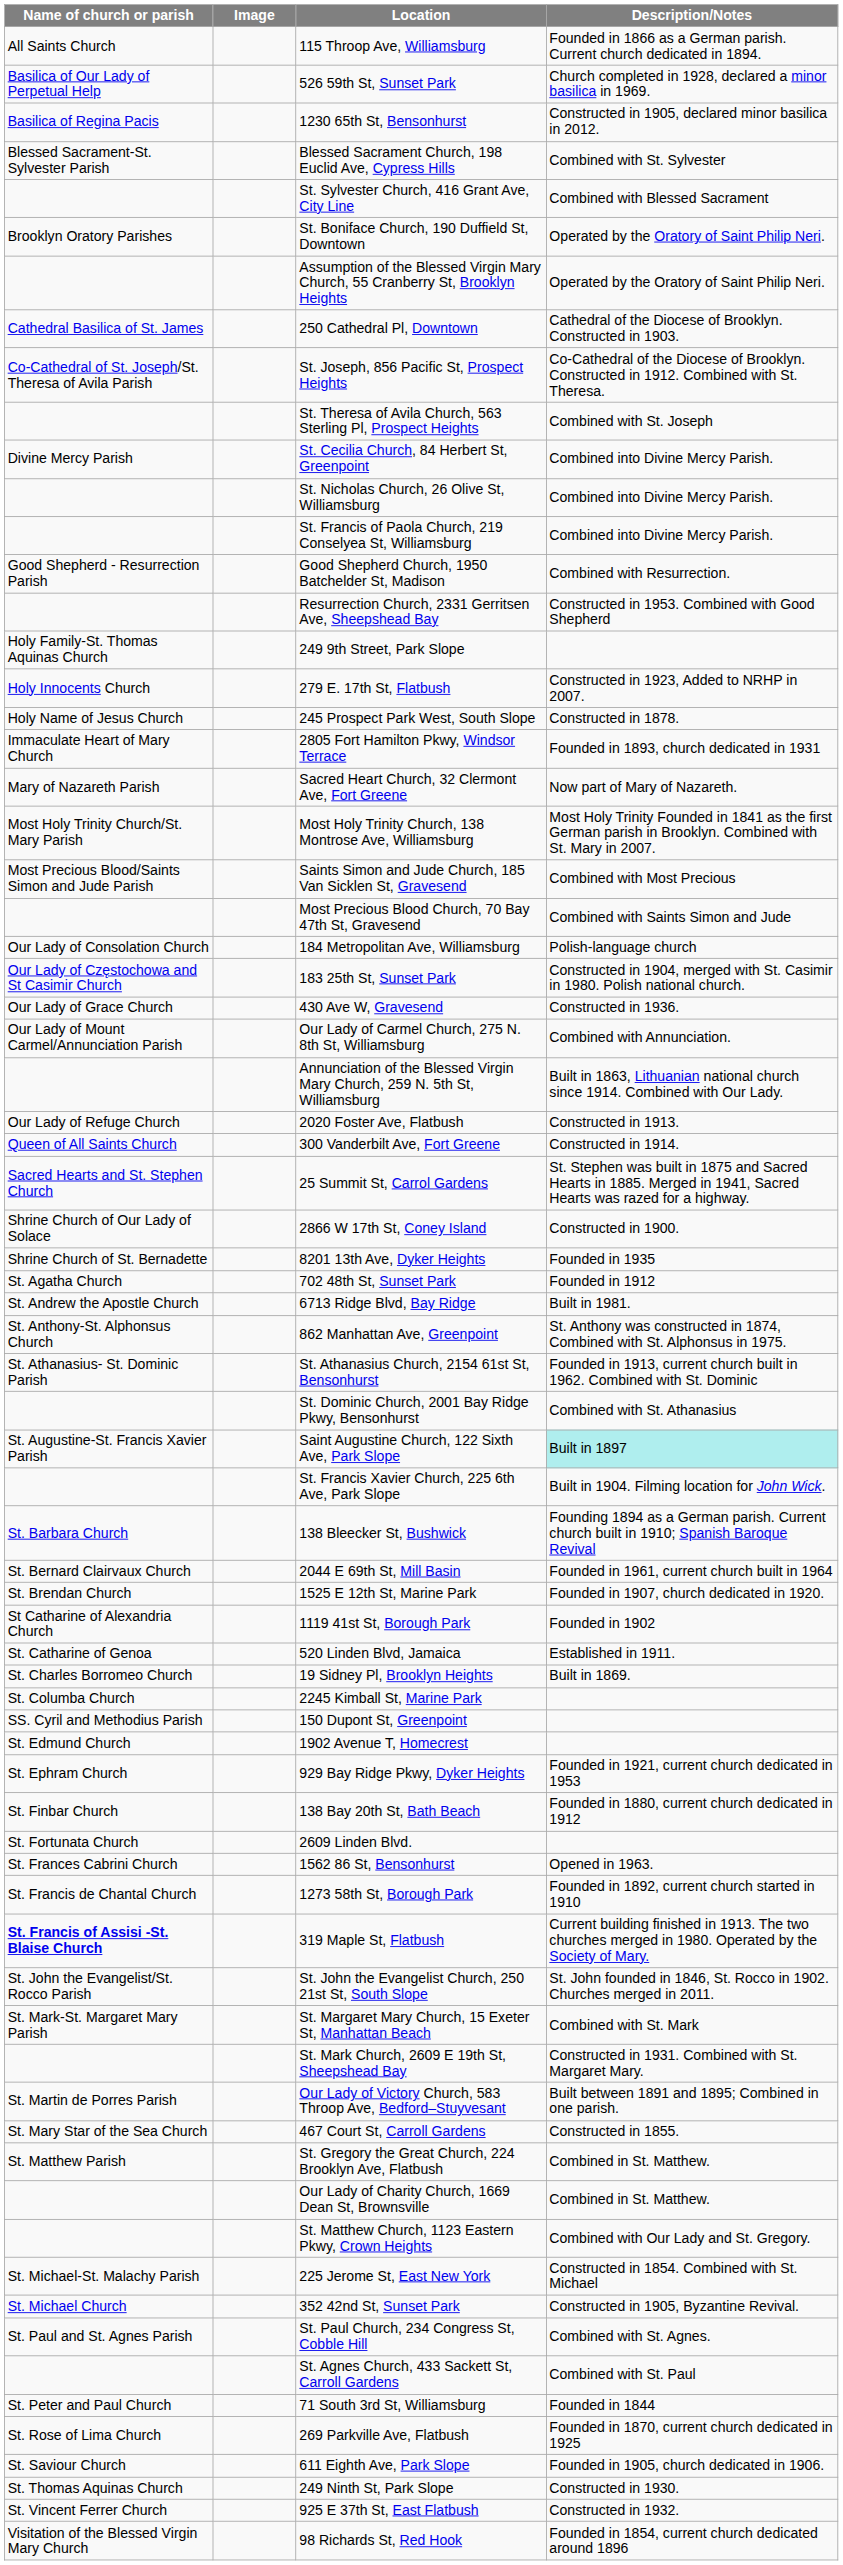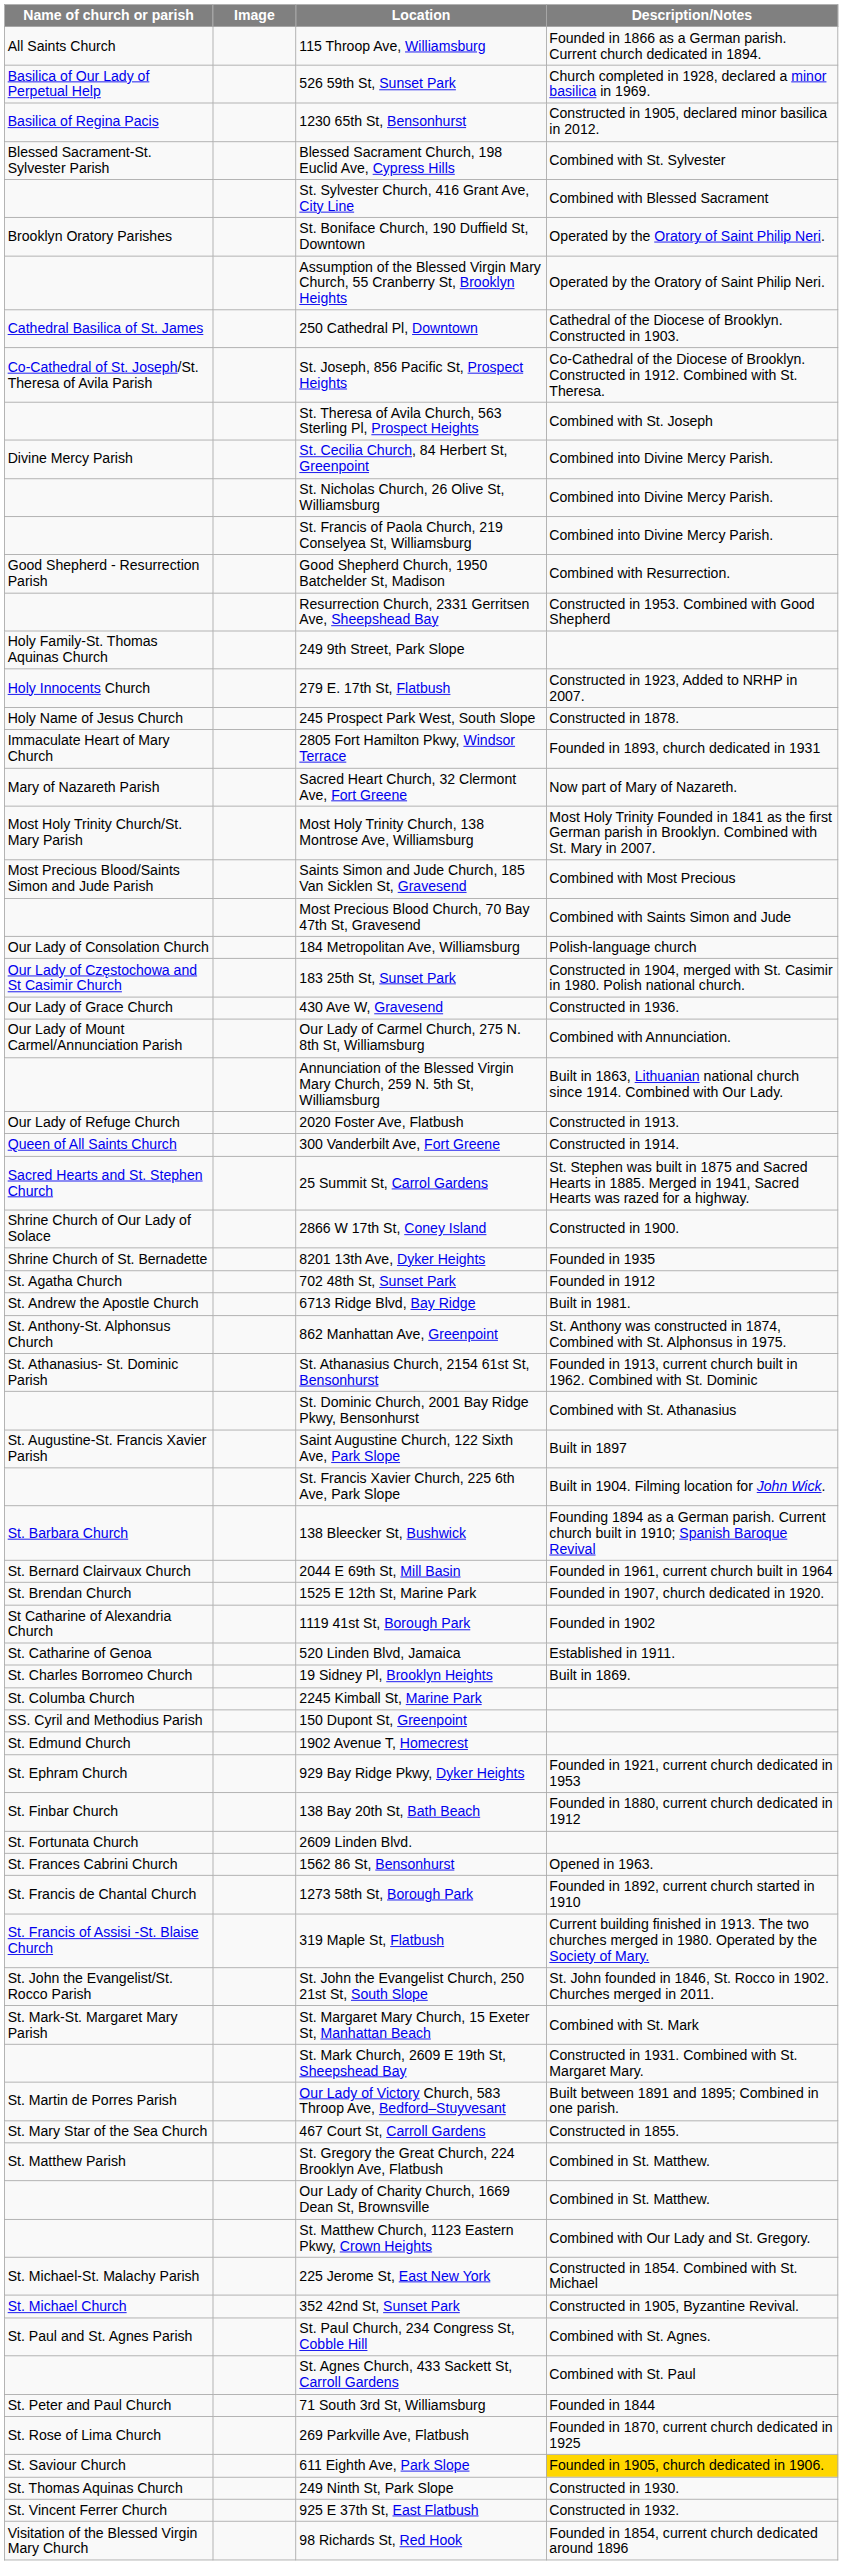 <table class="wikitable sortable" style="width:75%">
 <tr>
 <th style="background:gray; color:white;" width="25%"><strong>Name of church or parish</strong></th>
 <th style="background:gray; color:white;" width="10%"><strong>Image</strong></th>
 <th style="background:gray; color:white;" width="30%"><strong>Location</strong></th>
 <th style="background:gray; color:white;" width="35%"><strong>Description/Notes</strong></th>
 </tr>
 <tr>
 <td>All Saints Church</td>
 <td></td>
 <td>115 Throop Ave, <a href='#'>Williamsburg</a></td>
 <td>Founded in 1866 as a German parish. Current church dedicated in 1894. </td>
 </tr>
 <tr>
 <td><a href='#'>Basilica of Our Lady of Perpetual Help</a></td>
 <td></td>
 <td>526 59th St, <a href='#'>Sunset Park</a></td>
 <td>Church completed in 1928, declared a <a href='#'>minor basilica</a> in 1969.</td>
 </tr>
 <tr>
 <td><a href='#'>Basilica of Regina Pacis</a></td>
 <td></td>
 <td>1230 65th St, <a href='#'>Bensonhurst</a></td>
 <td>Constructed in 1905, declared minor basilica in 2012.</td>
 </tr>
 <tr>
 <td>Blessed Sacrament-St. Sylvester Parish</td>
 <td></td>
 <td>Blessed Sacrament Church, 198 Euclid Ave, <a href='#'>Cypress Hills</a></td>
 <td>Combined with St. Sylvester</td>
 </tr>
 <tr>
 <td></td>
 <td></td>
 <td>St. Sylvester Church, 416 Grant Ave, <a href='#'>City Line</a></td>
 <td>Combined with Blessed Sacrament</td>
 </tr>
 <tr>
 <td>Brooklyn Oratory Parishes</td>
 <td></td>
 <td>St. Boniface Church, 190 Duffield St, Downtown</td>
 <td>Operated by the <a href='#'>Oratory of Saint Philip Neri</a>.</td>
 </tr>
 <tr>
 <td></td>
 <td></td>
 <td>Assumption of the Blessed Virgin Mary Church, 55 Cranberry St, <a href='#'>Brooklyn Heights</a></td>
 <td>Operated by the Oratory of Saint Philip Neri.</td>
 </tr>
 <tr>
 <td><a href='#'>Cathedral Basilica of St. James</a></td>
 <td></td>
 <td>250 Cathedral Pl, <a href='#'>Downtown</a></td>
 <td>Cathedral of the Diocese of Brooklyn. Constructed in 1903.</td>
 </tr>
 <tr>
 <td><a href='#'>Co-Cathedral of St. Joseph</a>/St. Theresa of Avila Parish</td>
 <td></td>
 <td>St. Joseph, 856 Pacific St, <a href='#'>Prospect Heights</a></td>
 <td>Co-Cathedral of the Diocese of Brooklyn. Constructed in 1912. Combined with St. Theresa.</td>
 </tr>
 <tr>
 <td></td>
 <td></td>
 <td>St. Theresa of Avila Church, 563 Sterling Pl, <a href='#'>Prospect Heights</a></td>
 <td>Combined with St. Joseph</td>
 </tr>
 <tr>
 <td>Divine Mercy Parish</td>
 <td></td>
 <td><a href='#'>St. Cecilia Church</a>, 84 Herbert St, <a href='#'>Greenpoint</a></td>
 <td>Combined into Divine Mercy Parish.</td>
 </tr>
 <tr>
 <td></td>
 <td></td>
 <td>St. Nicholas Church, 26 Olive St, Williamsburg</td>
 <td>Combined into Divine Mercy Parish.</td>
 </tr>
 <tr>
 <td></td>
 <td></td>
 <td>St. Francis of Paola Church, 219 Conselyea St, Williamsburg</td>
 <td>Combined into Divine Mercy Parish.</td>
 </tr>
 <tr>
 <td>Good Shepherd - Resurrection Parish</td>
 <td></td>
 <td>Good Shepherd Church, 1950 Batchelder St, Madison</td>
 <td>Combined with Resurrection.</td>
 </tr>
 <tr>
 <td></td>
 <td></td>
 <td>Resurrection Church, 2331 Gerritsen Ave, <a href='#'>Sheepshead Bay</a></td>
 <td>Constructed in 1953. Combined with Good Shepherd</td>
 </tr>
 <tr>
 <td>Holy Family-St. Thomas Aquinas Church</td>
 <td></td>
 <td>249 9th Street, Park Slope</td>
 <td></td>
 </tr>
 <tr>
 <td><a href='#'>Holy Innocents</a> Church</td>
 <td></td>
 <td>279 E. 17th St, <a href='#'>Flatbush</a></td>
 <td>Constructed in 1923, Added to NRHP in 2007.</td>
 </tr>
 <tr>
 <td>Holy Name of Jesus Church</td>
 <td></td>
 <td>245 Prospect Park West, South Slope</td>
 <td>Constructed in 1878.</td>
 </tr>
 <tr>
 <td>Immaculate Heart of Mary Church</td>
 <td></td>
 <td>2805 Fort Hamilton Pkwy, <a href='#'>Windsor Terrace</a></td>
 <td>Founded in 1893, church dedicated in 1931</td>
 </tr>
 <tr>
 <td>Mary of Nazareth Parish</td>
 <td></td>
 <td>Sacred Heart Church, 32 Clermont Ave, <a href='#'>Fort Greene</a></td>
 <td>Now part of Mary of Nazareth.</td>
 </tr>
 <tr>
 <td>Most Holy Trinity Church/St. Mary Parish</td>
 <td></td>
 <td>Most Holy Trinity Church, 138 Montrose Ave, Williamsburg</td>
 <td>Most Holy Trinity Founded in 1841 as the first German parish in Brooklyn. Combined with St. Mary in 2007.</td>
 </tr>
 <tr>
 <td>Most Precious Blood/Saints Simon and Jude Parish</td>
 <td></td>
 <td>Saints Simon and Jude Church, 185 Van Sicklen St, <a href='#'>Gravesend</a></td>
 <td>Combined with Most Precious</td>
 </tr>
 <tr>
 <td></td>
 <td></td>
 <td>Most Precious Blood Church, 70 Bay 47th St, Gravesend</td>
 <td>Combined with Saints Simon and Jude</td>
 </tr>
 <tr>
 <td>Our Lady of Consolation Church</td>
 <td></td>
 <td>184 Metropolitan Ave, Williamsburg</td>
 <td>Polish-language church</td>
 </tr>
 <tr>
 <td><a href='#'>Our Lady of Częstochowa and St Casimir Church</a></td>
 <td></td>
 <td>183 25th St, <a href='#'>Sunset Park</a></td>
 <td>Constructed in 1904, merged with St. Casimir in 1980. Polish national church.</td>
 </tr>
 <tr>
 <td>Our Lady of Grace Church</td>
 <td></td>
 <td>430 Ave W, <a href='#'>Gravesend</a></td>
 <td>Constructed in 1936.</td>
 </tr>
 <tr>
 <td>Our Lady of Mount Carmel/Annunciation Parish</td>
 <td></td>
 <td>Our Lady of Carmel Church, 275 N. 8th St, Williamsburg</td>
 <td>Combined with Annunciation.</td>
 </tr>
 <tr>
 <td></td>
 <td></td>
 <td>Annunciation of the Blessed Virgin Mary Church, 259 N. 5th St, Williamsburg</td>
 <td>Built in 1863, <a href='#'>Lithuanian</a> national church since 1914. Combined with Our Lady.</td>
 </tr>
 <tr>
 <td>Our Lady of Refuge Church</td>
 <td></td>
 <td>2020 Foster Ave, Flatbush</td>
 <td>Constructed in 1913.</td>
 </tr>
 <tr>
 <td><a href='#'>Queen of All Saints Church</a></td>
 <td></td>
 <td>300 Vanderbilt Ave, <a href='#'>Fort Greene</a></td>
 <td>Constructed in 1914.</td>
 </tr>
 <tr>
 <td><a href='#'>Sacred Hearts and St. Stephen Church</a></td>
 <td></td>
 <td>25 Summit St, <a href='#'>Carrol Gardens</a></td>
 <td>St. Stephen was built in 1875 and Sacred Hearts in 1885. Merged in 1941,  Sacred Hearts was razed for a highway.</td>
 </tr>
 <tr>
 <td>Shrine Church of Our Lady of Solace</td>
 <td></td>
 <td>2866 W 17th St, <a href='#'>Coney Island</a></td>
 <td>Constructed in 1900.</td>
 </tr>
 <tr>
 <td>Shrine Church of St. Bernadette</td>
 <td></td>
 <td>8201 13th Ave, <a href='#'>Dyker Heights</a></td>
 <td>Founded in 1935</td>
 </tr>
 <tr>
 <td>St. Agatha Church</td>
 <td></td>
 <td>702 48th St, <a href='#'>Sunset Park</a></td>
 <td>Founded in 1912</td>
 </tr>
 <tr>
 <td>St. Andrew the Apostle Church</td>
 <td></td>
 <td>6713 Ridge Blvd, <a href='#'>Bay Ridge</a></td>
 <td>Built in 1981.</td>
 </tr>
 <tr>
 <td>St. Anthony-St. Alphonsus Church</td>
 <td></td>
 <td>862 Manhattan Ave, <a href='#'>Greenpoint</a></td>
 <td>St. Anthony was constructed in 1874, Combined with St. Alphonsus in 1975.</td>
 </tr>
 <tr>
 <td>St. Athanasius- St. Dominic Parish</td>
 <td></td>
 <td>St. Athanasius Church, 2154 61st St, <a href='#'>Bensonhurst</a></td>
 <td>Founded in 1913, current church built in 1962. Combined with St. Dominic</td>
 </tr>
 <tr>
 <td></td>
 <td></td>
 <td>St. Dominic Church, 2001 Bay Ridge Pkwy, Bensonhurst</td>
 <td>Combined with St. Athanasius</td>
 </tr>
 <tr>
 <td>St. Augustine-St. Francis Xavier Parish</td>
 <td></td>
 <td>Saint Augustine Church, 122 Sixth Ave, <a href='#'>Park Slope</a></td>
-<td style="background: paleturquoise;">Built in 1897</td>
+<td>Built in 1897</td>
 </tr>
 <tr>
 <td></td>
 <td></td>
 <td>St. Francis Xavier Church, 225 6th Ave, Park Slope</td>
 <td>Built in 1904. Filming location for <em><a href='#'>John Wick</a></em>.</td>
 </tr>
 <tr>
 <td><a href='#'>St. Barbara Church</a></td>
 <td></td>
 <td>138 Bleecker St, <a href='#'>Bushwick</a></td>
 <td>Founding 1894 as a German parish. Current church built in 1910; <a href='#'>Spanish Baroque Revival</a></td>
 </tr>
 <tr>
 <td>St. Bernard Clairvaux Church</td>
 <td></td>
 <td>2044 E 69th St, <a href='#'>Mill Basin</a></td>
 <td>Founded in 1961, current church built in 1964</td>
 </tr>
 <tr>
 <td>St. Brendan Church</td>
 <td></td>
 <td>1525 E 12th St, Marine Park</td>
 <td>Founded in 1907, church dedicated in 1920.</td>
 </tr>
 <tr>
 <td>St Catharine of Alexandria Church</td>
 <td></td>
 <td>1119 41st St, <a href='#'>Borough Park</a></td>
 <td>Founded in 1902</td>
 </tr>
 <tr>
 <td>St. Catharine of Genoa</td>
 <td></td>
 <td>520 Linden Blvd, Jamaica</td>
 <td>Established in 1911.</td>
 </tr>
 <tr>
 <td>St. Charles Borromeo Church</td>
 <td></td>
 <td>19 Sidney Pl, <a href='#'>Brooklyn Heights</a></td>
 <td>Built in 1869.</td>
 </tr>
 <tr>
 <td>St. Columba Church</td>
 <td></td>
 <td>2245 Kimball St, <a href='#'>Marine Park</a></td>
 <td></td>
 </tr>
 <tr>
 <td>SS. Cyril and Methodius Parish</td>
 <td></td>
 <td>150 Dupont St, <a href='#'>Greenpoint</a></td>
 <td></td>
 </tr>
 <tr>
 <td>St. Edmund Church</td>
 <td></td>
 <td>1902 Avenue T, <a href='#'>Homecrest</a></td>
 <td></td>
 </tr>
 <tr>
 <td>St. Ephram Church</td>
 <td></td>
 <td>929 Bay Ridge Pkwy, <a href='#'>Dyker Heights</a></td>
 <td>Founded in 1921, current church dedicated in 1953</td>
 </tr>
 <tr>
 <td>St. Finbar Church</td>
 <td></td>
 <td>138 Bay 20th St, <a href='#'>Bath Beach</a></td>
 <td>Founded in 1880, current church dedicated in 1912</td>
 </tr>
 <tr>
 <td>St. Fortunata Church</td>
 <td></td>
 <td>2609 Linden Blvd.</td>
 <td></td>
 </tr>
 <tr>
 <td>St. Frances Cabrini Church</td>
 <td></td>
 <td>1562 86 St, <a href='#'>Bensonhurst</a></td>
 <td>Opened in 1963.</td>
 </tr>
 <tr>
 <td>St. Francis de Chantal Church</td>
 <td></td>
 <td>1273 58th St, <a href='#'>Borough Park</a></td>
 <td>Founded in 1892, current church started in 1910</td>
 </tr>
 <tr>
-<td><strong><a href='#'>St. Francis of Assisi -St. Blaise Church</a></strong></td>
+<td><a href='#'>St. Francis of Assisi -St. Blaise Church</a></td>
 <td></td>
 <td>319 Maple St, <a href='#'>Flatbush</a></td>
 <td>Current building finished in 1913.  The two churches merged in 1980. Operated by the <a href='#'>Society of Mary.</a></td>
 </tr>
 <tr>
 <td>St. John the Evangelist/St. Rocco Parish</td>
 <td></td>
 <td>St. John the Evangelist Church, 250 21st St, <a href='#'>South Slope</a></td>
 <td>St. John founded in 1846, St. Rocco in 1902. Churches merged in 2011.</td>
 </tr>
 <tr>
 <td>St. Mark-St. Margaret Mary Parish</td>
 <td></td>
 <td>St. Margaret Mary Church, 15 Exeter St, <a href='#'>Manhattan Beach</a></td>
 <td>Combined with St. Mark</td>
 </tr>
 <tr>
 <td></td>
 <td></td>
 <td>St. Mark Church, 2609 E 19th St, <a href='#'>Sheepshead Bay</a></td>
 <td>Constructed in 1931. Combined with St. Margaret Mary.</td>
 </tr>
 <tr>
 <td>St. Martin de Porres Parish</td>
 <td></td>
 <td><a href='#'>Our Lady of Victory</a> Church, 583 Throop Ave, <a href='#'>Bedford–Stuyvesant</a></td>
 <td>Built between 1891 and 1895; Combined in one parish.</td>
 </tr>
 <tr>
 <td>St. Mary Star of the Sea Church</td>
 <td></td>
 <td>467 Court St, <a href='#'>Carroll Gardens</a></td>
 <td>Constructed in 1855.</td>
 </tr>
 <tr>
 <td>St. Matthew Parish</td>
 <td></td>
 <td>St. Gregory the Great Church, 224 Brooklyn Ave, Flatbush</td>
 <td>Combined in St. Matthew.</td>
 </tr>
 <tr>
 <td></td>
 <td></td>
 <td>Our Lady of Charity Church, 1669 Dean St, Brownsville</td>
 <td>Combined in St. Matthew.</td>
 </tr>
 <tr>
 <td></td>
 <td></td>
 <td>St. Matthew Church, 1123 Eastern Pkwy, <a href='#'>Crown Heights</a></td>
 <td>Combined with Our Lady and St. Gregory.</td>
 </tr>
 <tr>
 <td>St. Michael-St. Malachy Parish</td>
 <td></td>
 <td>225 Jerome St, <a href='#'>East New York</a></td>
 <td>Constructed in 1854. Combined with St. Michael</td>
 </tr>
 <tr>
 <td><a href='#'>St. Michael Church</a></td>
 <td></td>
 <td>352 42nd St, <a href='#'>Sunset Park</a></td>
 <td>Constructed in 1905, Byzantine Revival.</td>
 </tr>
 <tr>
 <td>St. Paul and St. Agnes Parish</td>
 <td></td>
 <td>St. Paul Church, 234 Congress St, <a href='#'>Cobble Hill</a></td>
 <td>Combined with St. Agnes. </td>
 </tr>
 <tr>
 <td></td>
 <td></td>
 <td>St. Agnes Church, 433 Sackett St, <a href='#'>Carroll Gardens</a></td>
 <td>Combined with St. Paul</td>
 </tr>
 <tr>
 <td>St. Peter and Paul Church</td>
 <td></td>
 <td>71 South 3rd St, Williamsburg</td>
 <td>Founded in 1844</td>
 </tr>
 <tr>
 <td>St. Rose of Lima Church</td>
 <td></td>
 <td>269 Parkville Ave, Flatbush</td>
 <td>Founded in 1870, current church dedicated in 1925</td>
 </tr>
 <tr>
 <td>St. Saviour Church</td>
 <td></td>
 <td>611 Eighth Ave, <a href='#'>Park Slope</a></td>
-<td>Founded in 1905, church dedicated in 1906.</td>
+<td style="background: gold;">Founded in 1905, church dedicated in 1906.</td>
 </tr>
 <tr>
 <td>St. Thomas Aquinas Church</td>
 <td></td>
 <td>249 Ninth St, Park Slope</td>
 <td>Constructed in 1930.</td>
 </tr>
 <tr>
 <td>St. Vincent Ferrer Church</td>
 <td></td>
 <td>925 E 37th St, <a href='#'>East Flatbush</a></td>
 <td>Constructed in 1932.</td>
 </tr>
 <tr>
 <td>Visitation of the Blessed Virgin Mary Church</td>
 <td></td>
 <td>98 Richards St, <a href='#'>Red Hook</a></td>
 <td>Founded in 1854, current church dedicated around 1896</td>
 </tr>
 </table>
